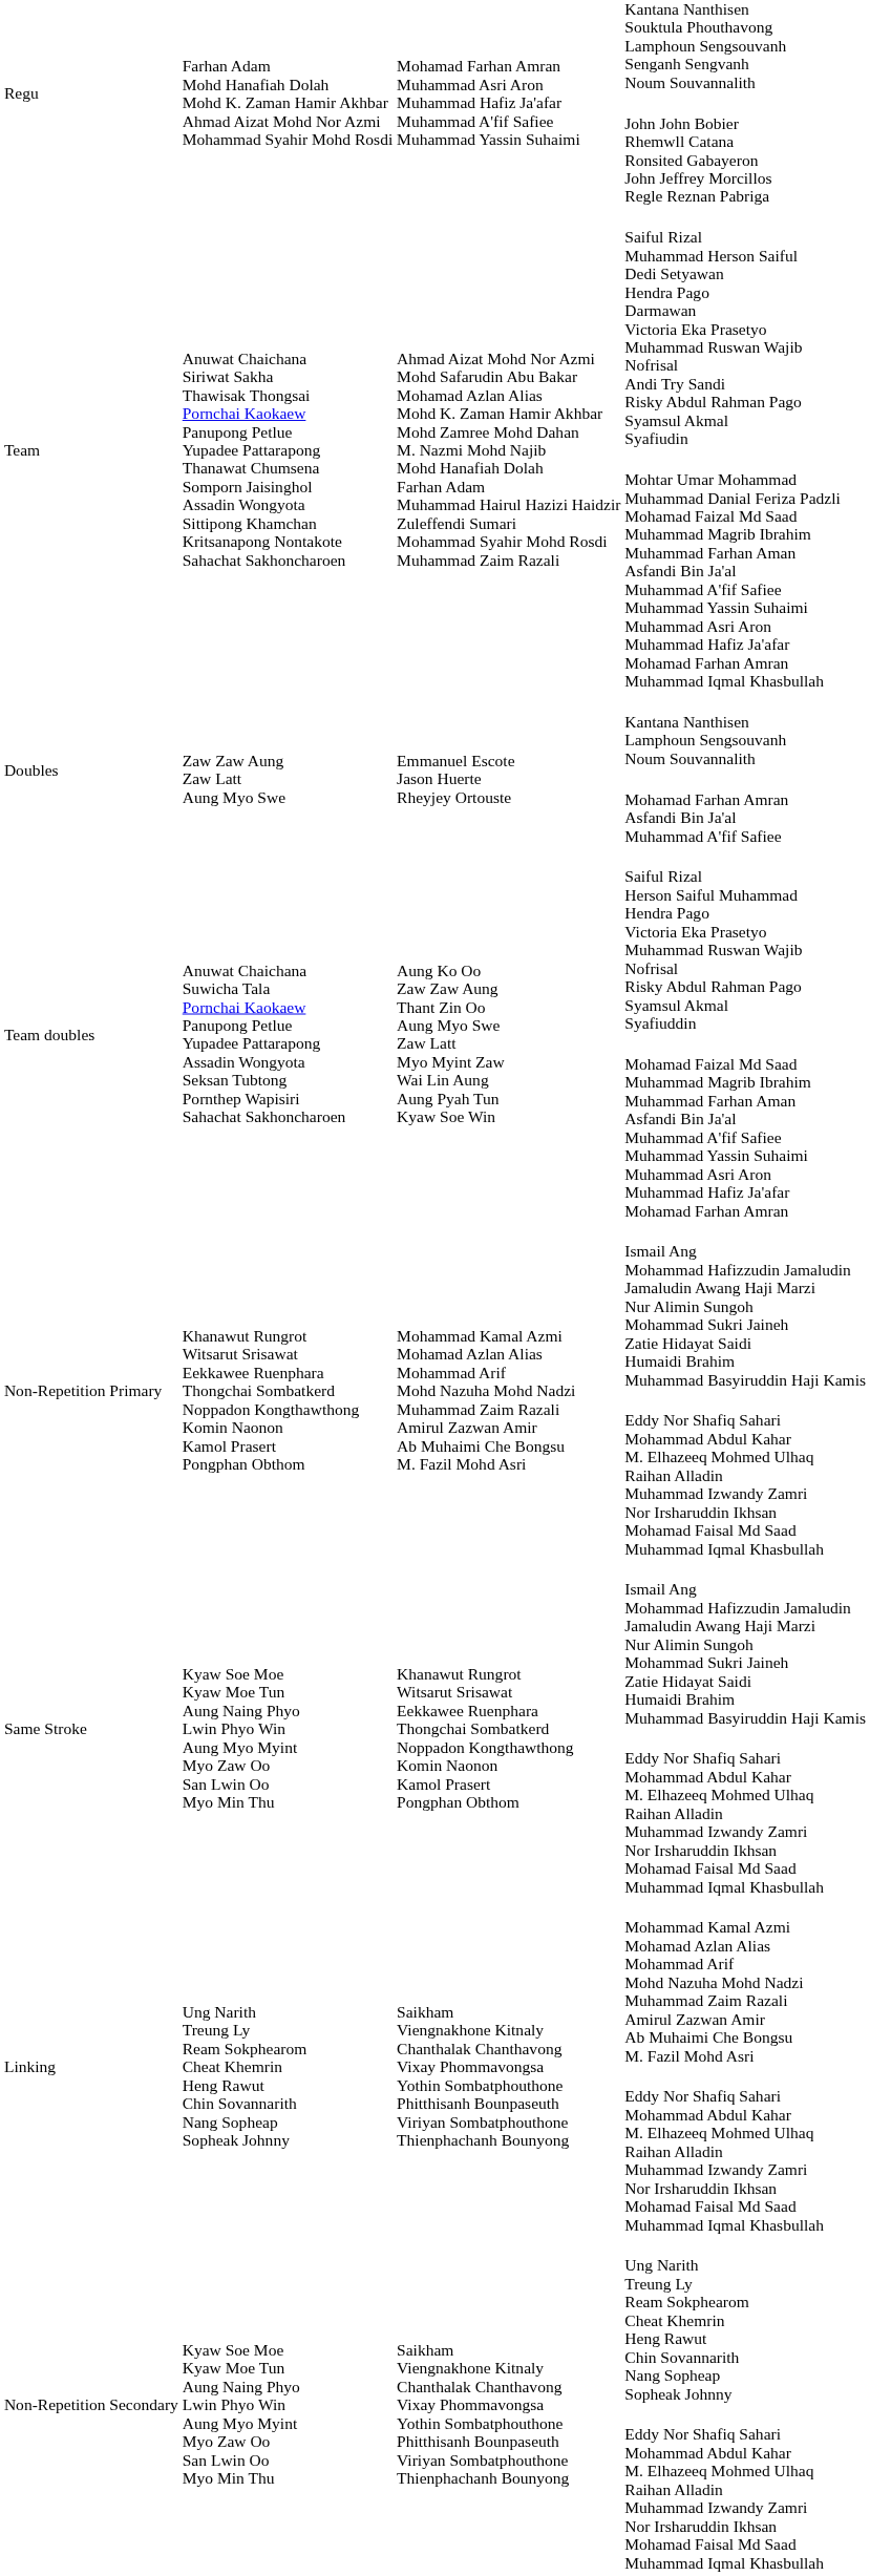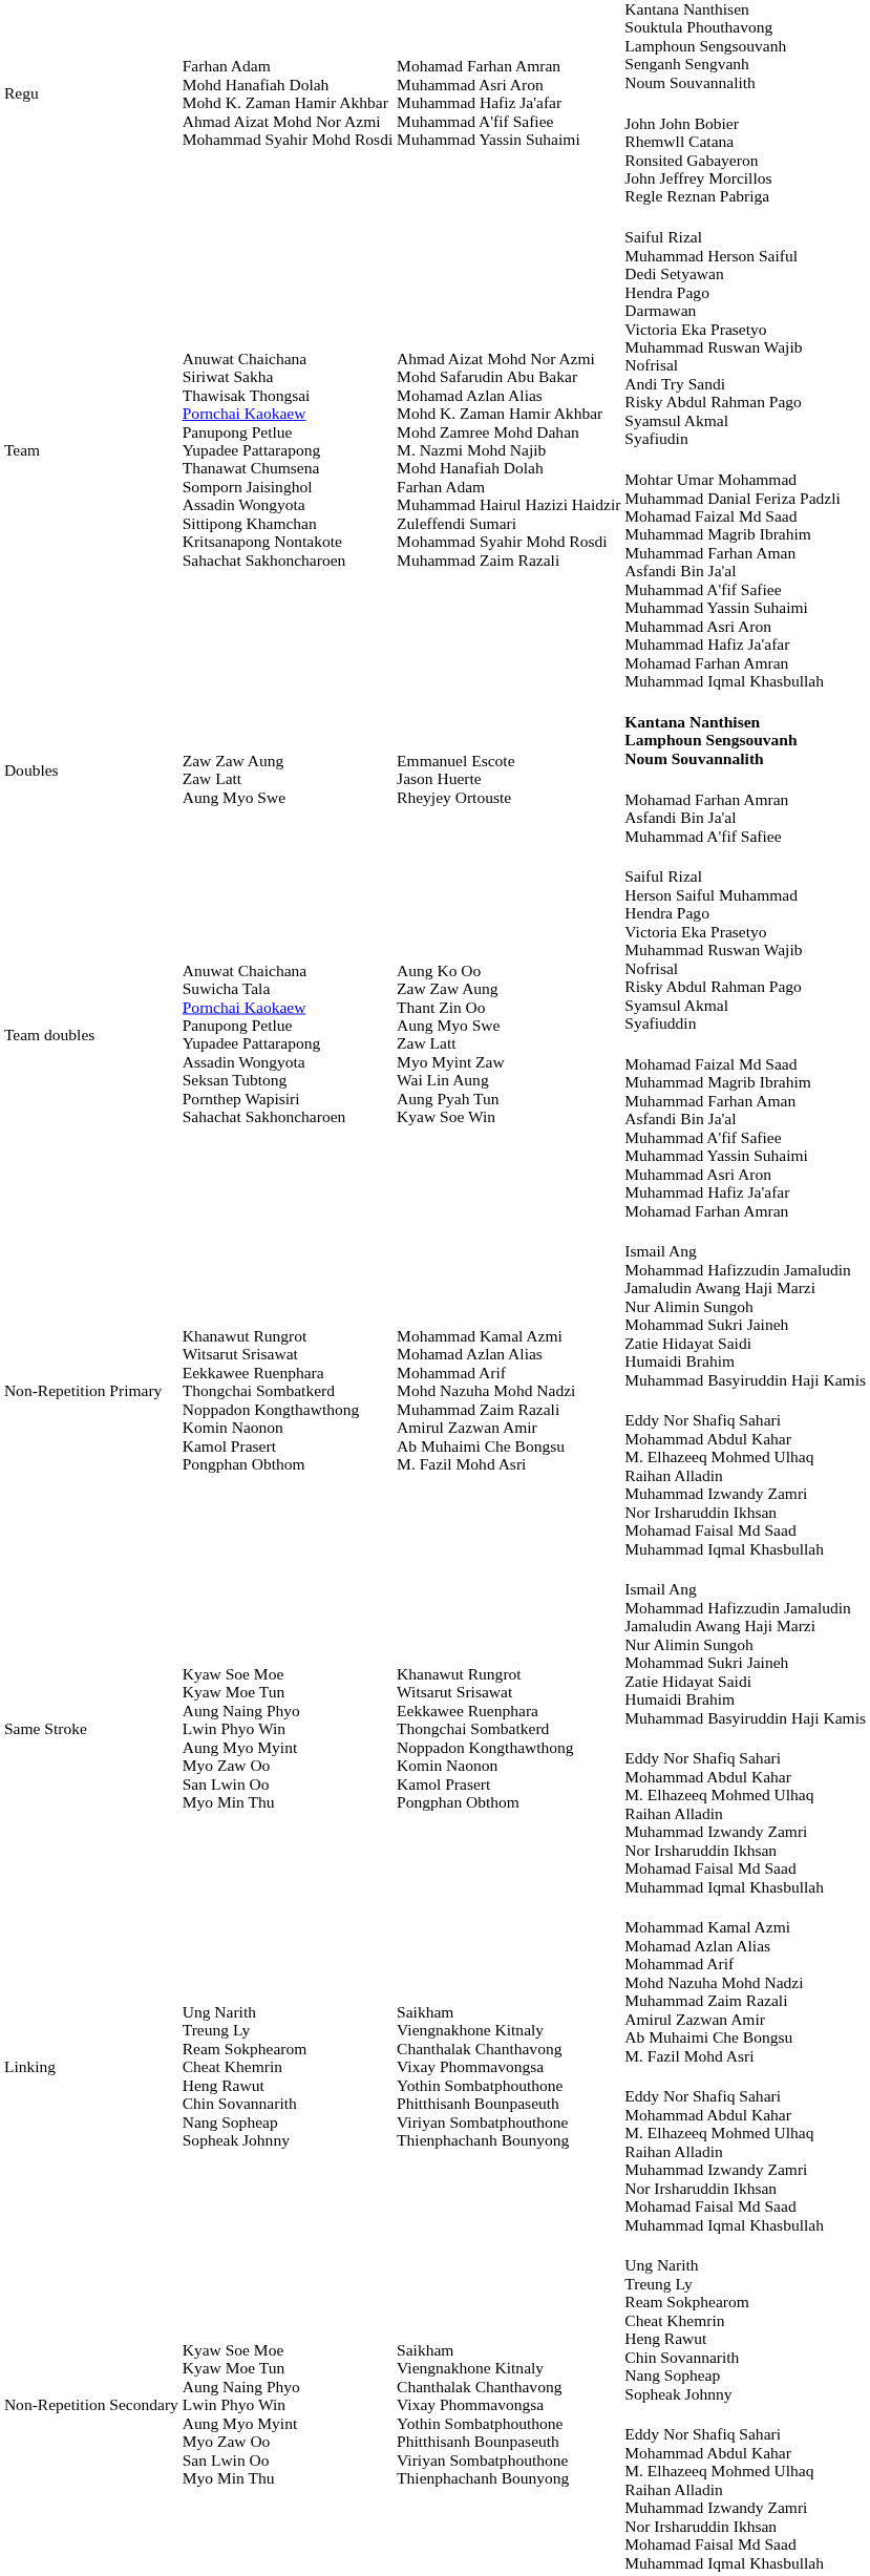 <table>
 <tr>
 <td rowspan=2>Regu</td>
 <td rowspan=2><span><br>Farhan Adam<br>Mohd Hanafiah Dolah<br>Mohd K. Zaman Hamir Akhbar<br>Ahmad Aizat Mohd Nor Azmi<br>Mohammad Syahir Mohd Rosdi</span></td>
 <td rowspan=2><span><br>Mohamad Farhan Amran<br>Muhammad Asri Aron<br>Muhammad Hafiz Ja'afar<br>Muhammad A'fif Safiee<br>Muhammad Yassin Suhaimi</span></td>
 <td><span><br>Kantana Nanthisen<br>Souktula Phouthavong<br>Lamphoun Sengsouvanh<br>Senganh Sengvanh<br>Noum Souvannalith</span></td>
 </tr>
 <tr>
 <td><span><br>John John Bobier<br>Rhemwll Catana<br>Ronsited Gabayeron<br>John Jeffrey Morcillos<br>Regle Reznan Pabriga</span></td>
 </tr>
 <tr>
 <td rowspan=2>Team</td>
 <td rowspan=2><span><br>Anuwat Chaichana<br>Siriwat Sakha<br>Thawisak Thongsai<br><a href='#'>Pornchai Kaokaew</a><br>Panupong Petlue<br>Yupadee Pattarapong<br>Thanawat Chumsena<br>Somporn Jaisinghol<br>Assadin Wongyota<br>Sittipong Khamchan<br>Kritsanapong Nontakote<br>Sahachat Sakhoncharoen</span></td>
 <td rowspan=2><span><br>Ahmad Aizat Mohd Nor Azmi<br>Mohd Safarudin Abu Bakar<br>Mohamad Azlan Alias<br>Mohd K. Zaman Hamir Akhbar<br>Mohd Zamree Mohd Dahan<br>M. Nazmi Mohd Najib<br>Mohd Hanafiah Dolah<br>Farhan Adam<br>Muhammad Hairul Hazizi Haidzir<br>Zuleffendi Sumari<br>Mohammad Syahir Mohd Rosdi<br>Muhammad Zaim Razali</span></td>
 <td><span><br>Saiful Rizal<br>Muhammad Herson Saiful<br>Dedi Setyawan<br>Hendra Pago<br>Darmawan<br>Victoria Eka Prasetyo<br>Muhammad Ruswan Wajib<br>Nofrisal<br>Andi Try Sandi<br>Risky Abdul Rahman Pago<br>Syamsul Akmal<br>Syafiudin</span></td>
 </tr>
 <tr>
 <td><span><br>Mohtar Umar Mohammad<br>Muhammad Danial Feriza Padzli<br>Mohamad Faizal Md Saad<br>Muhammad Magrib Ibrahim<br>Muhammad Farhan Aman<br>Asfandi Bin Ja'al<br>Muhammad A'fif Safiee<br>Muhammad Yassin Suhaimi<br>Muhammad Asri Aron<br>Muhammad Hafiz Ja'afar<br>Mohamad Farhan Amran<br>Muhammad Iqmal Khasbullah</span></td>
 </tr>
 <tr>
 <td rowspan=2>Doubles</td>
 <td rowspan=2><span><br>Zaw Zaw Aung<br>Zaw Latt<br>Aung Myo Swe</span></td>
 <td rowspan=2><span><br>Emmanuel Escote<br>Jason Huerte<br>Rheyjey Ortouste</span></td>
-<td><span><br>Kantana Nanthisen<br>Lamphoun Sengsouvanh<br>Noum Souvannalith</span></td>
+<td><strong><span><br>Kantana Nanthisen<br>Lamphoun Sengsouvanh<br>Noum Souvannalith</span></strong></td>
 </tr>
 <tr>
 <td><span><br>Mohamad Farhan Amran<br>Asfandi Bin Ja'al<br>Muhammad A'fif Safiee</span></td>
 </tr>
 <tr>
 <td rowspan=2>Team doubles</td>
 <td rowspan=2><span><br>Anuwat Chaichana<br>Suwicha Tala<br><a href='#'>Pornchai Kaokaew</a><br>Panupong Petlue<br>Yupadee Pattarapong<br>Assadin Wongyota<br>Seksan Tubtong<br>Pornthep Wapisiri<br>Sahachat Sakhoncharoen</span></td>
 <td rowspan=2><span><br>Aung Ko Oo<br>Zaw Zaw Aung<br>Thant Zin Oo<br>Aung Myo Swe<br>Zaw Latt<br>Myo Myint Zaw<br>Wai Lin Aung<br>Aung Pyah Tun<br>Kyaw Soe Win</span></td>
 <td><span><br>Saiful Rizal<br>Herson Saiful Muhammad<br>Hendra Pago<br>Victoria Eka Prasetyo<br>Muhammad Ruswan Wajib<br>Nofrisal<br>Risky Abdul Rahman Pago<br>Syamsul Akmal<br>Syafiuddin</span></td>
 </tr>
 <tr>
 <td><span><br>Mohamad Faizal Md Saad<br>Muhammad Magrib Ibrahim<br>Muhammad Farhan Aman<br>Asfandi Bin Ja'al<br>Muhammad A'fif Safiee<br>Muhammad Yassin Suhaimi<br>Muhammad Asri Aron<br>Muhammad Hafiz Ja'afar<br>Mohamad Farhan Amran</span></td>
 </tr>
 <tr>
 <td rowspan=2>Non-Repetition Primary</td>
 <td rowspan=2><span><br>Khanawut Rungrot<br>Witsarut Srisawat<br>Eekkawee Ruenphara<br>Thongchai Sombatkerd<br>Noppadon Kongthawthong<br>Komin Naonon<br>Kamol Prasert<br>Pongphan Obthom</span></td>
 <td rowspan=2><span><br>Mohammad Kamal Azmi<br>Mohamad Azlan Alias<br>Mohammad Arif<br>Mohd Nazuha Mohd Nadzi<br>Muhammad Zaim Razali<br>Amirul Zazwan Amir<br>Ab Muhaimi Che Bongsu<br>M. Fazil Mohd Asri</span></td>
 <td><span><br>Ismail Ang<br>Mohammad Hafizzudin Jamaludin<br>Jamaludin Awang Haji Marzi<br>Nur Alimin Sungoh<br>Mohammad Sukri Jaineh<br>Zatie Hidayat Saidi<br>Humaidi Brahim<br>Muhammad Basyiruddin Haji Kamis</span></td>
 </tr>
 <tr>
 <td><span><br>Eddy Nor Shafiq Sahari<br>Mohammad Abdul Kahar<br>M. Elhazeeq Mohmed Ulhaq<br>Raihan Alladin<br>Muhammad Izwandy Zamri<br>Nor Irsharuddin Ikhsan<br>Mohamad Faisal Md Saad<br>Muhammad Iqmal Khasbullah</span></td>
 </tr>
 <tr>
 <td rowspan=2>Same Stroke</td>
 <td rowspan=2><span><br>Kyaw Soe Moe<br>Kyaw Moe Tun<br>Aung Naing Phyo<br>Lwin Phyo Win<br>Aung Myo Myint<br>Myo Zaw Oo<br>San Lwin Oo<br>Myo Min Thu</span></td>
 <td rowspan=2><span><br>Khanawut Rungrot<br>Witsarut Srisawat<br>Eekkawee Ruenphara<br>Thongchai Sombatkerd<br>Noppadon Kongthawthong<br>Komin Naonon<br>Kamol Prasert<br>Pongphan Obthom</span></td>
 <td><span><br>Ismail Ang<br>Mohammad Hafizzudin Jamaludin<br>Jamaludin Awang Haji Marzi<br>Nur Alimin Sungoh<br>Mohammad Sukri Jaineh<br>Zatie Hidayat Saidi<br>Humaidi Brahim<br>Muhammad Basyiruddin Haji Kamis</span></td>
 </tr>
 <tr>
 <td><span><br>Eddy Nor Shafiq Sahari<br>Mohammad Abdul Kahar<br>M. Elhazeeq Mohmed Ulhaq<br>Raihan Alladin<br>Muhammad Izwandy Zamri<br>Nor Irsharuddin Ikhsan<br>Mohamad Faisal Md Saad<br>Muhammad Iqmal Khasbullah</span></td>
 </tr>
 <tr>
 <td rowspan=2>Linking</td>
 <td rowspan=2><span><br>Ung Narith<br>Treung Ly<br>Ream Sokphearom<br>Cheat Khemrin<br>Heng Rawut<br>Chin Sovannarith<br>Nang Sopheap<br>Sopheak Johnny</span></td>
 <td rowspan=2><span><br>Saikham<br>Viengnakhone Kitnaly<br>Chanthalak Chanthavong<br>Vixay Phommavongsa<br>Yothin Sombatphouthone<br>Phitthisanh Bounpaseuth<br>Viriyan Sombatphouthone<br>Thienphachanh Bounyong</span></td>
 <td><span><br>Mohammad Kamal Azmi<br>Mohamad Azlan Alias<br>Mohammad Arif<br>Mohd Nazuha Mohd Nadzi<br>Muhammad Zaim Razali<br>Amirul Zazwan Amir<br>Ab Muhaimi Che Bongsu<br>M. Fazil Mohd Asri</span></td>
 </tr>
 <tr>
 <td><span><br>Eddy Nor Shafiq Sahari<br>Mohammad Abdul Kahar<br>M. Elhazeeq Mohmed Ulhaq<br>Raihan Alladin<br>Muhammad Izwandy Zamri<br>Nor Irsharuddin Ikhsan<br>Mohamad Faisal Md Saad<br>Muhammad Iqmal Khasbullah</span></td>
 </tr>
 <tr>
 <td rowspan=2>Non-Repetition Secondary</td>
 <td rowspan=2><span><br>Kyaw Soe Moe<br>Kyaw Moe Tun<br>Aung Naing Phyo<br>Lwin Phyo Win<br>Aung Myo Myint<br>Myo Zaw Oo<br>San Lwin Oo<br>Myo Min Thu</span></td>
 <td rowspan=2><span><br>Saikham<br>Viengnakhone Kitnaly<br>Chanthalak Chanthavong<br>Vixay Phommavongsa<br>Yothin Sombatphouthone<br>Phitthisanh Bounpaseuth<br>Viriyan Sombatphouthone<br>Thienphachanh Bounyong</span></td>
 <td><span><br>Ung Narith<br>Treung Ly<br>Ream Sokphearom<br>Cheat Khemrin<br>Heng Rawut<br>Chin Sovannarith<br>Nang Sopheap<br>Sopheak Johnny</span></td>
 </tr>
 <tr>
 <td><span><br>Eddy Nor Shafiq Sahari<br>Mohammad Abdul Kahar<br>M. Elhazeeq Mohmed Ulhaq<br>Raihan Alladin<br>Muhammad Izwandy Zamri<br>Nor Irsharuddin Ikhsan<br>Mohamad Faisal Md Saad<br>Muhammad Iqmal Khasbullah</span></td>
 </tr>
 </table>
